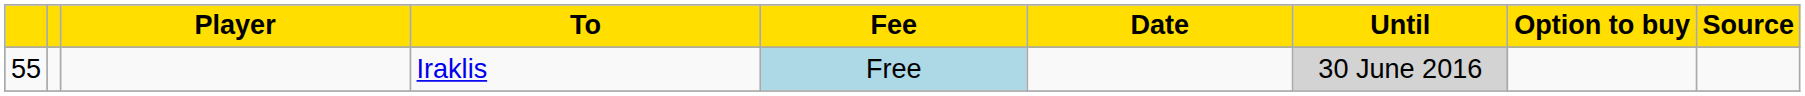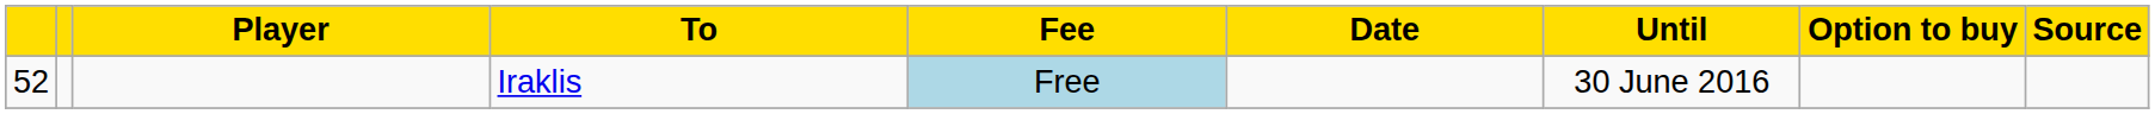 <table class="wikitable sortable">
 <tr>
 <th style="background:#FFDE00"></th>
 <th style="background:#FFDE00"></th>
 <th width=200 style="background:#FFDE00">Player</th>
 <th width=200 style="background:#FFDE00">To</th>
 <th width=150 style="background:#FFDE00">Fee</th>
 <th width=150 style="background:#FFDE00">Date</th>
 <th width=120 style="background:#FFDE00">Until</th>
 <th style="background:#FFDE00">Option to buy</th>
 <th style="background:#FFDE00">Source</th>
 </tr>
 <tr>
-<td align=center>55</td>
+<td align=center>52</td>
 <td align=center></td>
 <td></td>
 <td> <a href='#'>Iraklis</a></td>
 <td align=center style="background: lightblue;">Free</td>
 <td align=center></td>
-<td align=center style="background: lightgrey;">30 June 2016</td>
+<td align=center>30 June 2016</td>
 <td align=center></td>
 <td align=center></td>
 </tr>
 </table>
